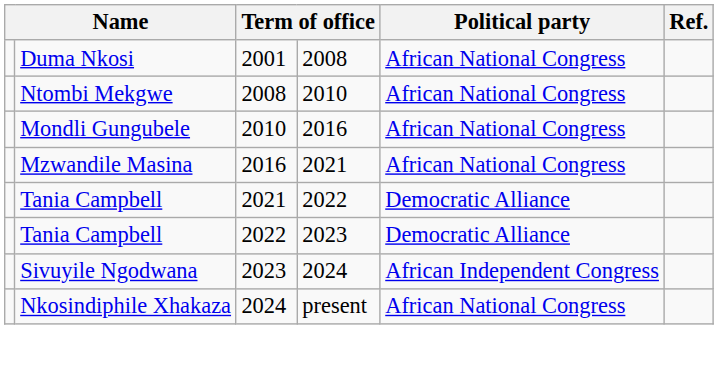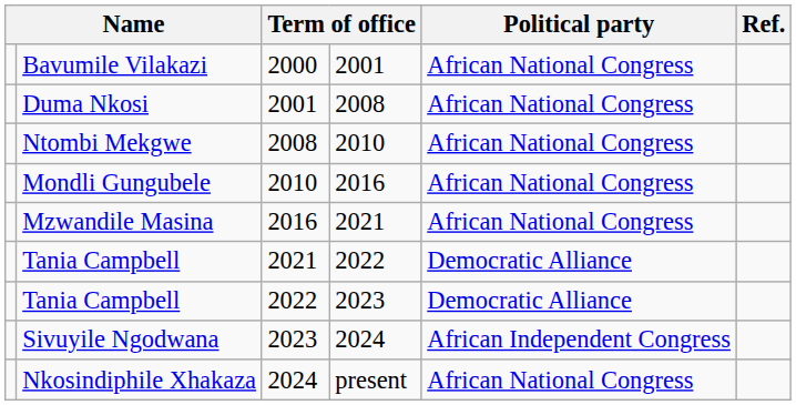 <table class="wikitable">
 <tr>
 <th colspan="2">Name</th>
 <th colspan="2">Term of office</th>
 <th>Political party</th>
 <th>Ref.</th>
+</tr>
+<tr>
+<td style="background-color: "></td>
+<td><a href='#'>Bavumile Vilakazi</a></td>
+<td>2000</td>
+<td>2001</td>
+<td><a href='#'>African National Congress</a></td>
+<td></td>
 </tr>
 <tr>
 <td style="background-color: "></td>
 <td><a href='#'>Duma Nkosi</a></td>
 <td>2001</td>
 <td>2008</td>
 <td><a href='#'>African National Congress</a></td>
 <td></td>
 </tr>
 <tr>
 <td style="background-color: "></td>
 <td><a href='#'>Ntombi Mekgwe</a></td>
 <td>2008</td>
 <td>2010</td>
 <td><a href='#'>African National Congress</a></td>
 <td></td>
 </tr>
 <tr>
 <td style="background-color: "></td>
 <td><a href='#'>Mondli Gungubele</a></td>
 <td>2010</td>
 <td>2016</td>
 <td><a href='#'>African National Congress</a></td>
 <td></td>
 </tr>
 <tr>
 <td style="background-color: "></td>
 <td><a href='#'>Mzwandile Masina</a></td>
 <td>2016</td>
 <td>2021</td>
 <td><a href='#'>African National Congress</a></td>
 <td></td>
 </tr>
 <tr>
 <td style="background-color: "></td>
 <td><a href='#'>Tania Campbell</a></td>
 <td>2021</td>
 <td>2022</td>
 <td><a href='#'>Democratic Alliance</a></td>
 <td></td>
 </tr>
 <tr>
 <td style="background-color: "></td>
 <td><a href='#'>Tania Campbell</a></td>
 <td>2022</td>
 <td>2023</td>
 <td><a href='#'>Democratic Alliance</a></td>
 <td></td>
 </tr>
 <tr>
 <td style="background-color: "></td>
 <td><a href='#'>Sivuyile Ngodwana</a></td>
 <td>2023</td>
 <td>2024</td>
 <td><a href='#'>African Independent Congress</a></td>
 <td></td>
 </tr>
 <tr>
 <td style="background-color: "></td>
 <td><a href='#'>Nkosindiphile Xhakaza</a></td>
 <td>2024</td>
 <td>present</td>
 <td><a href='#'>African National Congress</a></td>
 <td></td>
 </tr>
 </table>
